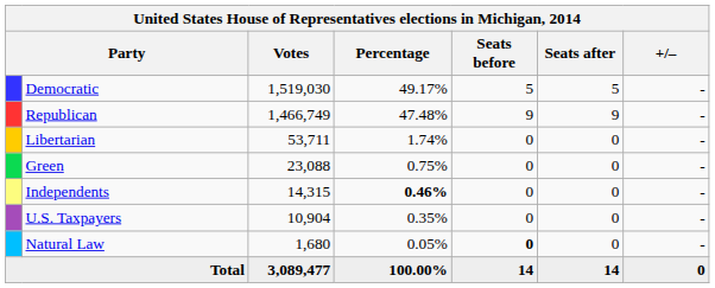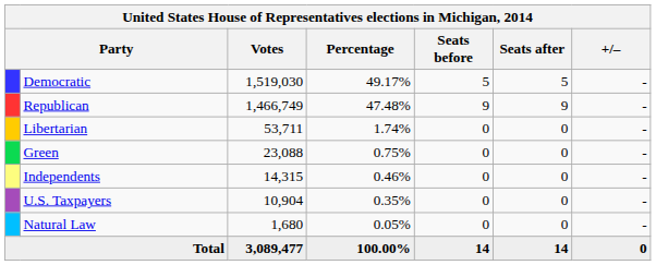 <table class="wikitable" style="font-size: 95%;">
 <tr>
 <th colspan="7">United States House of Representatives elections in Michigan, 2014</th>
 </tr>
 <tr>
 <th colspan=2 style="width: 15em">Party</th>
 <th style="width: 5em">Votes</th>
 <th style="width: 7em">Percentage</th>
 <th style="width: 5em">Seats before</th>
 <th style="width: 5em">Seats after</th>
 <th style="width: 5em">+/–</th>
 </tr>
 <tr>
 <th style="background:#33f; width:3px;"></th>
 <td style="width: 130px"><a href='#'>Democratic</a></td>
 <td style="text-align:right;">1,519,030</td>
 <td style="text-align:right;">49.17%</td>
 <td style="text-align:right;">5</td>
 <td style="text-align:right;">5</td>
 <td style="text-align:right;">-</td>
 </tr>
 <tr>
 <th style="background:#f33; width:3px;"></th>
 <td style="width: 130px"><a href='#'>Republican</a></td>
 <td style="text-align:right;">1,466,749</td>
 <td style="text-align:right;">47.48%</td>
 <td style="text-align:right;">9</td>
 <td style="text-align:right;">9</td>
 <td style="text-align:right;">-</td>
 </tr>
 <tr>
 <th style="background:#fc0; width:3px;"></th>
 <td style="width: 130px"><a href='#'>Libertarian</a></td>
 <td style="text-align:right;">53,711</td>
 <td style="text-align:right;">1.74%</td>
 <td style="text-align:right;">0</td>
 <td style="text-align:right;">0</td>
 <td style="text-align:right;">-</td>
 </tr>
 <tr>
 <th style="background:#0bda51; width:3px;"></th>
 <td style="width: 130px"><a href='#'>Green</a></td>
 <td style="text-align:right;">23,088</td>
 <td style="text-align:right;">0.75%</td>
 <td style="text-align:right;">0</td>
 <td style="text-align:right;">0</td>
 <td style="text-align:right;">-</td>
 </tr>
 <tr>
 <th style="background:#fdfd7f; width:3px;"></th>
 <td style="width: 130px"><a href='#'>Independents</a></td>
 <td style="text-align:right;">14,315</td>
-<td style="text-align:right;"><strong>0.46%</strong></td>
+<td style="text-align:right;">0.46%</td>
 <td style="text-align:right;">0</td>
 <td style="text-align:right;">0</td>
 <td style="text-align:right;">-</td>
 </tr>
 <tr>
 <th style="background:#a54cba; width:3px;"></th>
 <td style="width: 130px"><a href='#'>U.S. Taxpayers</a></td>
 <td style="text-align:right;">10,904</td>
 <td style="text-align:right;">0.35%</td>
 <td style="text-align:right;">0</td>
 <td style="text-align:right;">0</td>
 <td style="text-align:right;">-</td>
 </tr>
 <tr>
 <th style="background:#00bfff; width:3px;"></th>
 <td style="width: 130px"><a href='#'>Natural Law</a></td>
 <td style="text-align:right;">1,680</td>
 <td style="text-align:right;">0.05%</td>
-<td style="text-align:right;"><strong>0</strong></td>
+<td style="text-align:right;">0</td>
 <td style="text-align:right;">0</td>
 <td style="text-align:right;">-</td>
 </tr>
 <tr style="background:#eee; text-align:right;">
 <td colspan="2"><strong>Total</strong></td>
 <td><strong>3,089,477</strong></td>
 <td><strong>100.00%</strong></td>
 <td><strong>14</strong></td>
 <td><strong>14</strong></td>
 <td><strong>0</strong></td>
 </tr>
 </table>
